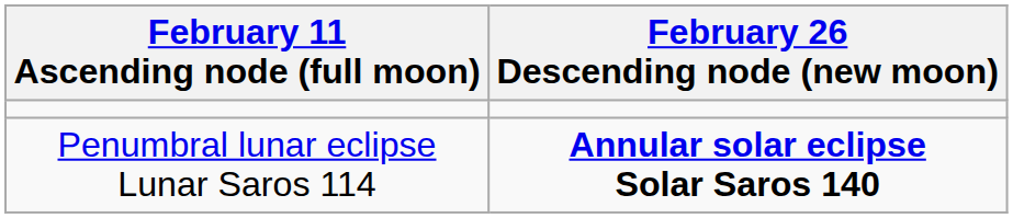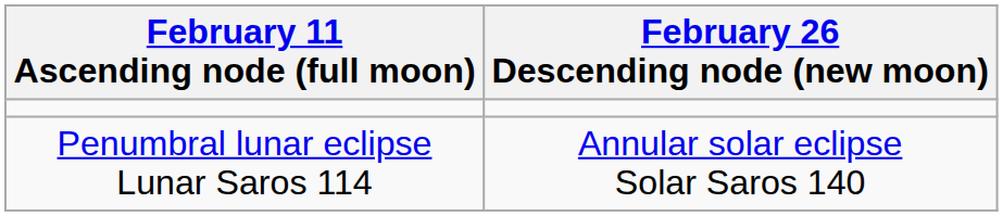 <table class="wikitable">
 <tr>
 <th><a href='#'>February 11</a><br>Ascending node (full moon)<br></th>
 <th><a href='#'>February 26</a><br>Descending node (new moon)<br></th>
 </tr>
 <tr>
 <td></td>
 <td></td>
 </tr>
 <tr align=center>
 <td><a href='#'>Penumbral lunar eclipse</a><br>Lunar Saros 114</td>
-<td><strong><a href='#'>Annular solar eclipse</a><br>Solar Saros 140</strong></td>
+<td><a href='#'>Annular solar eclipse</a><br>Solar Saros 140</td>
 </tr>
 </table>
